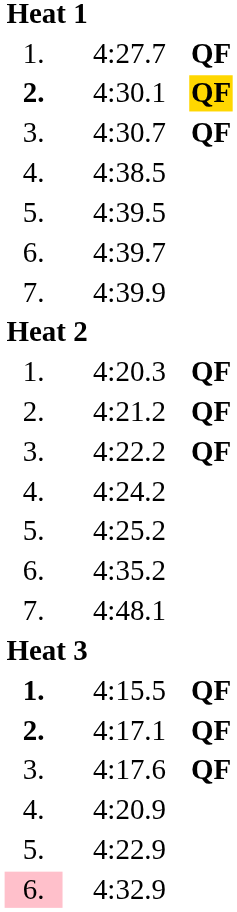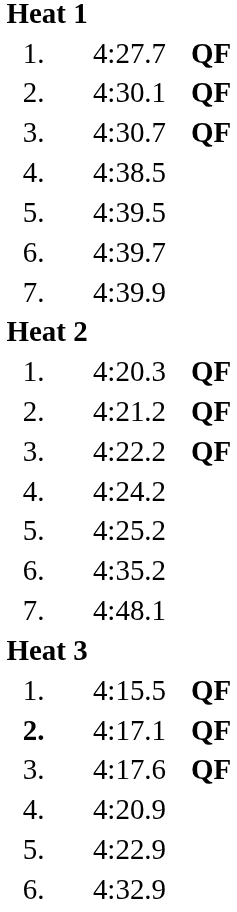 <table style="text-align:center">
 <tr>
 <td colspan=4 align=left><strong>Heat 1</strong></td>
 </tr>
 <tr>
 <td width=30>1.</td>
 <td align=left></td>
 <td width=60>4:27.7</td>
 <td><strong>QF</strong></td>
 </tr>
 <tr>
-<td><strong>2.</strong></td>
+<td>2.</td>
 <td align=left></td>
 <td>4:30.1</td>
-<td style="background: gold;"><strong>QF</strong></td>
+<td><strong>QF</strong></td>
 </tr>
 <tr>
 <td>3.</td>
 <td align=left></td>
 <td>4:30.7</td>
 <td><strong>QF</strong></td>
 </tr>
 <tr>
 <td>4.</td>
 <td align=left></td>
 <td>4:38.5</td>
 <td></td>
 </tr>
 <tr>
 <td>5.</td>
 <td align=left></td>
 <td>4:39.5</td>
 <td></td>
 </tr>
 <tr>
 <td>6.</td>
 <td align=left></td>
 <td>4:39.7</td>
 <td></td>
 </tr>
 <tr>
 <td>7.</td>
 <td align=left></td>
 <td>4:39.9</td>
 <td></td>
 </tr>
 <tr>
 <td colspan=4 align=left><strong>Heat 2</strong></td>
 </tr>
 <tr>
 <td>1.</td>
 <td align=left></td>
 <td>4:20.3</td>
 <td><strong>QF</strong></td>
 </tr>
 <tr>
 <td>2.</td>
 <td align=left></td>
 <td>4:21.2</td>
 <td><strong>QF</strong></td>
 </tr>
 <tr>
 <td>3.</td>
 <td align=left></td>
 <td>4:22.2</td>
 <td><strong>QF</strong></td>
 </tr>
 <tr>
 <td>4.</td>
 <td align=left></td>
 <td>4:24.2</td>
 <td></td>
 </tr>
 <tr>
 <td>5.</td>
 <td align=left></td>
 <td>4:25.2</td>
 <td></td>
 </tr>
 <tr>
 <td>6.</td>
 <td align=left></td>
 <td>4:35.2</td>
 <td></td>
 </tr>
 <tr>
 <td>7.</td>
 <td align=left></td>
 <td>4:48.1</td>
 <td></td>
 </tr>
 <tr>
 <td colspan=4 align=left><strong>Heat 3</strong></td>
 </tr>
 <tr>
-<td><strong>1.</strong></td>
+<td>1.</td>
 <td align=left></td>
 <td>4:15.5</td>
 <td><strong>QF</strong></td>
 </tr>
 <tr>
 <td><strong>2.</strong></td>
 <td align=left></td>
 <td>4:17.1</td>
 <td><strong>QF</strong></td>
 </tr>
 <tr>
 <td>3.</td>
 <td align=left></td>
 <td>4:17.6</td>
 <td><strong>QF</strong></td>
 </tr>
 <tr>
 <td>4.</td>
 <td align=left></td>
 <td>4:20.9</td>
 <td></td>
 </tr>
 <tr>
 <td>5.</td>
 <td align=left></td>
 <td>4:22.9</td>
 <td></td>
 </tr>
 <tr>
-<td style="background: pink;">6.</td>
+<td>6.</td>
 <td align=left></td>
 <td>4:32.9</td>
 <td></td>
 </tr>
 </table>
